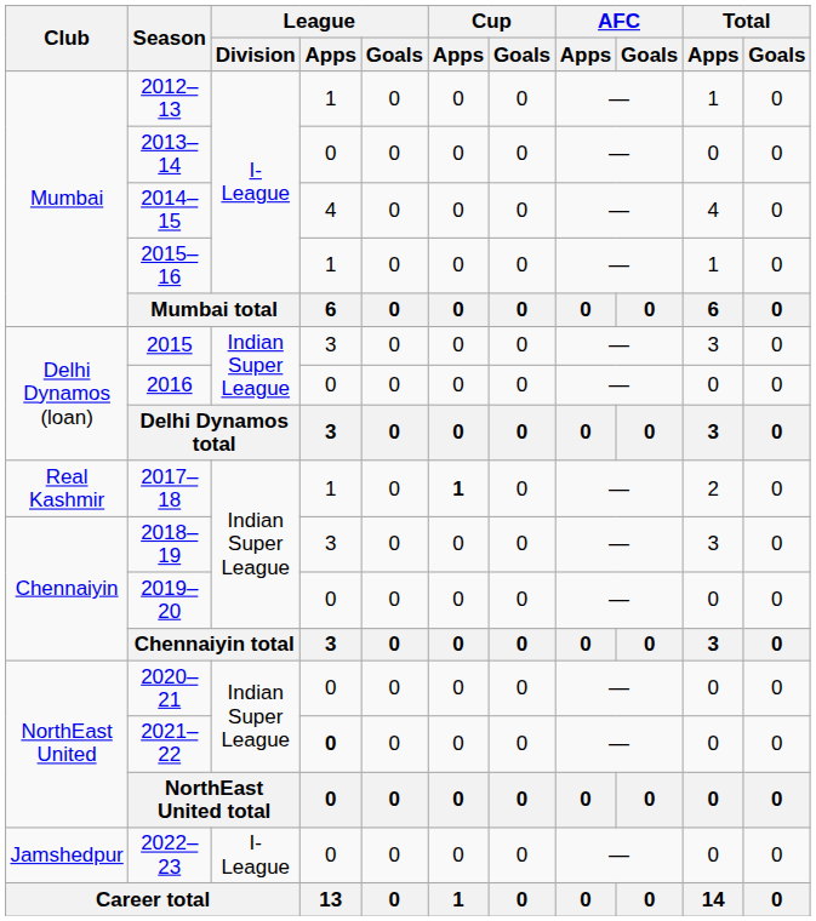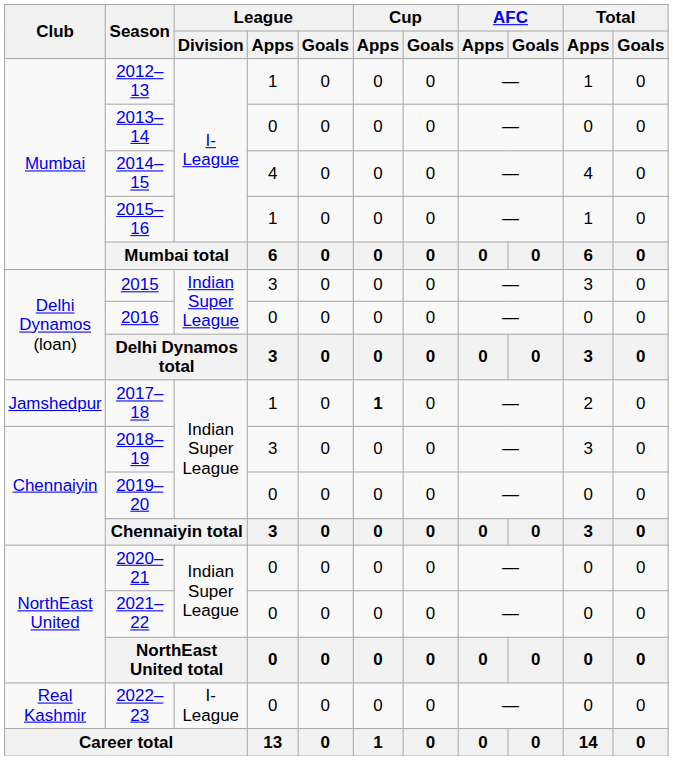 <table class="wikitable" style="text-align:center">
 <tr>
 <th rowspan="2">Club</th>
 <th rowspan="2">Season</th>
 <th colspan="3">League</th>
 <th colspan="2">Cup</th>
 <th colspan="2"><a href='#'>AFC</a></th>
 <th colspan="2">Total</th>
 </tr>
 <tr>
 <th>Division</th>
 <th>Apps</th>
 <th>Goals</th>
 <th>Apps</th>
 <th>Goals</th>
 <th>Apps</th>
 <th>Goals</th>
 <th>Apps</th>
 <th>Goals</th>
 </tr>
 <tr>
 <td rowspan="5"><a href='#'>Mumbai</a></td>
 <td><a href='#'>2012–13</a></td>
 <td rowspan="4"><a href='#'>I-League</a></td>
 <td>1</td>
 <td>0</td>
 <td>0</td>
 <td>0</td>
 <td colspan="2">—</td>
 <td>1</td>
 <td>0</td>
 </tr>
 <tr>
 <td><a href='#'>2013–14</a></td>
 <td>0</td>
 <td>0</td>
 <td>0</td>
 <td>0</td>
 <td colspan="2">—</td>
 <td>0</td>
 <td>0</td>
 </tr>
 <tr>
 <td><a href='#'>2014–15</a></td>
 <td>4</td>
 <td>0</td>
 <td>0</td>
 <td>0</td>
 <td colspan="2">—</td>
 <td>4</td>
 <td>0</td>
 </tr>
 <tr>
 <td><a href='#'>2015–16</a></td>
 <td>1</td>
 <td>0</td>
 <td>0</td>
 <td>0</td>
 <td colspan="2">—</td>
 <td>1</td>
 <td>0</td>
 </tr>
 <tr>
 <th colspan="2">Mumbai total</th>
 <th>6</th>
 <th>0</th>
 <th>0</th>
 <th>0</th>
 <th>0</th>
 <th>0</th>
 <th>6</th>
 <th>0</th>
 </tr>
 <tr>
 <td rowspan="3"><a href='#'>Delhi Dynamos</a> <br>(loan)</td>
 <td><a href='#'>2015</a></td>
 <td rowspan="2"><a href='#'>Indian Super League</a></td>
 <td>3</td>
 <td>0</td>
 <td>0</td>
 <td>0</td>
 <td colspan="2">—</td>
 <td>3</td>
 <td>0</td>
 </tr>
 <tr>
 <td><a href='#'>2016</a></td>
 <td>0</td>
 <td>0</td>
 <td>0</td>
 <td>0</td>
 <td colspan="2">—</td>
 <td>0</td>
 <td>0</td>
 </tr>
 <tr>
 <th colspan="2">Delhi Dynamos total</th>
 <th>3</th>
 <th>0</th>
 <th>0</th>
 <th>0</th>
 <th>0</th>
 <th>0</th>
 <th>3</th>
 <th>0</th>
 </tr>
 <tr>
-<td rowspan="1"><a href='#'>Real Kashmir</a></td>
+<td rowspan="1"><a href='#'>Jamshedpur</a></td>
 <td><a href='#'>2017–18</a></td>
 <td rowspan="3">Indian Super League</td>
 <td>1</td>
 <td>0</td>
 <td><strong>1</strong></td>
 <td>0</td>
 <td colspan="2">—</td>
 <td>2</td>
 <td>0</td>
 </tr>
 <tr>
 <td rowspan="3"><a href='#'>Chennaiyin</a></td>
 <td><a href='#'>2018–19</a></td>
 <td>3</td>
 <td>0</td>
 <td>0</td>
 <td>0</td>
 <td colspan="2">—</td>
 <td>3</td>
 <td>0</td>
 </tr>
 <tr>
 <td><a href='#'>2019–20</a></td>
 <td>0</td>
 <td>0</td>
 <td>0</td>
 <td>0</td>
 <td colspan="2">—</td>
 <td>0</td>
 <td>0</td>
 </tr>
 <tr>
 <th colspan="2">Chennaiyin total</th>
 <th>3</th>
 <th>0</th>
 <th>0</th>
 <th>0</th>
 <th>0</th>
 <th>0</th>
 <th>3</th>
 <th>0</th>
 </tr>
 <tr>
 <td rowspan="3"><a href='#'>NorthEast United</a></td>
 <td><a href='#'>2020–21</a></td>
 <td rowspan="2">Indian Super League</td>
 <td>0</td>
 <td>0</td>
 <td>0</td>
 <td>0</td>
 <td colspan="2">—</td>
 <td>0</td>
 <td>0</td>
 </tr>
 <tr>
 <td><a href='#'>2021–22</a></td>
-<td><strong>0</strong></td>
+<td>0</td>
 <td>0</td>
 <td>0</td>
 <td>0</td>
 <td colspan="2">—</td>
 <td>0</td>
 <td>0</td>
 </tr>
 <tr>
 <th colspan="2">NorthEast United total</th>
 <th>0</th>
 <th>0</th>
 <th>0</th>
 <th>0</th>
 <th>0</th>
 <th>0</th>
 <th>0</th>
 <th>0</th>
 </tr>
 <tr>
-<td rowspan="1"><a href='#'>Jamshedpur</a></td>
+<td rowspan="1"><a href='#'>Real Kashmir</a></td>
 <td><a href='#'>2022–23</a></td>
 <td rowspan="1">I-League</td>
 <td>0</td>
 <td>0</td>
 <td>0</td>
 <td>0</td>
 <td colspan="2">—</td>
 <td>0</td>
 <td>0</td>
 </tr>
 <tr>
 <th colspan="3">Career total</th>
 <th>13</th>
 <th>0</th>
 <th>1</th>
 <th>0</th>
 <th>0</th>
 <th>0</th>
 <th>14</th>
 <th>0</th>
 </tr>
 </table>
